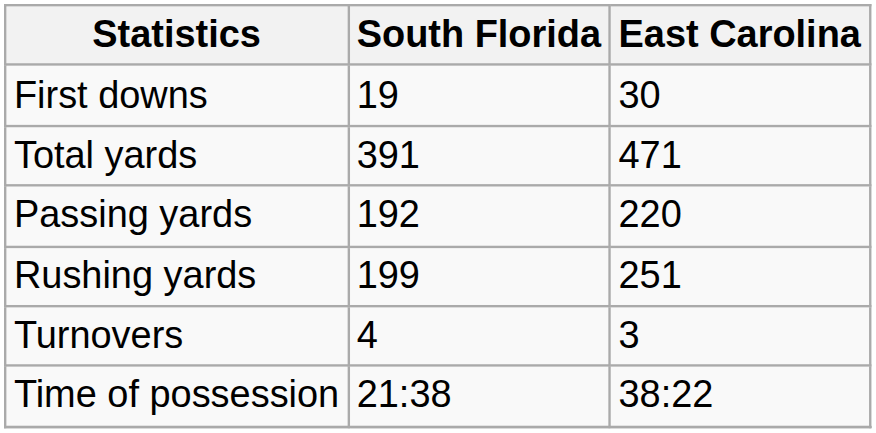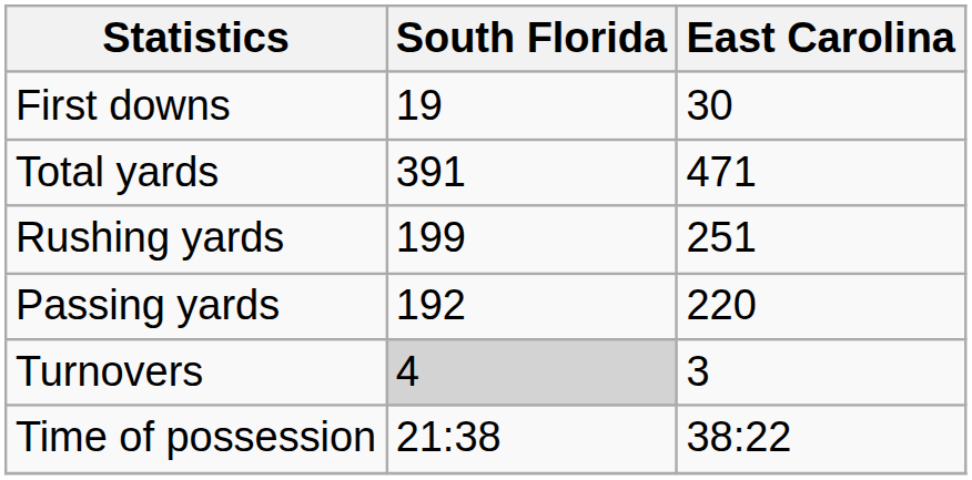 <table class="wikitable">
 <tr>
 <th>Statistics</th>
 <th>South Florida</th>
 <th>East Carolina</th>
 </tr>
 <tr>
 <td>First downs</td>
 <td>19</td>
 <td>30</td>
 </tr>
 <tr>
 <td>Total yards</td>
 <td>391</td>
 <td>471</td>
 </tr>
 <tr>
+<td>Rushing yards</td>
+<td>199</td>
+<td>251</td>
+</tr>
+<tr>
 <td>Passing yards</td>
 <td>192</td>
 <td>220</td>
 </tr>
 <tr>
-<td>Rushing yards</td>
-<td>199</td>
-<td>251</td>
-</tr>
-<tr>
 <td>Turnovers</td>
-<td>4</td>
+<td style="background: lightgrey;">4</td>
 <td>3</td>
 </tr>
 <tr>
 <td>Time of possession</td>
 <td>21:38</td>
 <td>38:22</td>
 </tr>
 <tr>
 </tr>
 </table>
